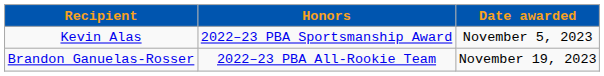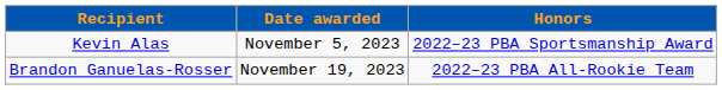 <table class="wikitable sortable sortable" style="text-align: center">
 <tr>
 <th style="background:#0055AF; color:#F9A21D; ">Recipient</th>
+<th style="background:#0055AF; color:#F9A21D; ">Date awarded</th>
 <th style="background:#0055AF; color:#F9A21D; ">Honors</th>
-<th style="background:#0055AF; color:#F9A21D; ">Date awarded</th>
 </tr>
 <tr>
 <td><a href='#'>Kevin Alas</a></td>
+<td>November 5, 2023</td>
 <td><a href='#'>2022–23 PBA Sportsmanship Award</a></td>
-<td>November 5, 2023</td>
 </tr>
 <tr>
 <td><a href='#'>Brandon Ganuelas-Rosser</a></td>
+<td>November 19, 2023</td>
 <td><a href='#'>2022–23 PBA All-Rookie Team</a></td>
-<td>November 19, 2023</td>
 </tr>
 </table>
